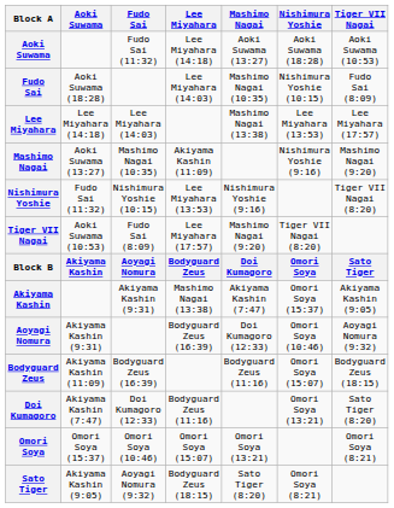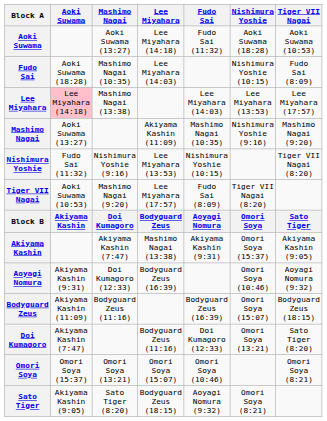 <table class="wikitable" style="text-align:center; margin: 1em auto 1em auto">
 <tr align="center">
 <th>Block A</th>
 <th><a href='#'>Aoki</a><br><a href='#'>Suwama</a></th>
+<th><a href='#'>Mashimo</a><br><a href='#'>Nagai</a></th>
+<th><a href='#'>Lee</a><br><a href='#'>Miyahara</a></th>
 <th><a href='#'>Fudo</a><br><a href='#'>Sai</a></th>
-<th><a href='#'>Lee</a><br><a href='#'>Miyahara</a></th>
-<th><a href='#'>Mashimo</a><br><a href='#'>Nagai</a></th>
 <th><a href='#'>Nishimura</a><br><a href='#'>Yoshie</a></th>
 <th><a href='#'>Tiger VII</a><br><a href='#'>Nagai</a></th>
 </tr>
 <tr align="center">
 <th><a href='#'>Aoki</a><br><a href='#'>Suwama</a></th>
 <td></td>
+<td>Aoki<br>Suwama<br>(13:27)</td>
+<td>Lee<br>Miyahara<br>(14:18)</td>
 <td>Fudo<br>Sai<br>(11:32)</td>
-<td>Lee<br>Miyahara<br>(14:18)</td>
-<td>Aoki<br>Suwama<br>(13:27)</td>
 <td>Aoki<br>Suwama<br>(18:28)</td>
 <td>Aoki<br>Suwama<br>(10:53)</td>
 </tr>
 <tr align="center">
 <th><a href='#'>Fudo</a><br><a href='#'>Sai</a></th>
 <td>Aoki<br>Suwama<br>(18:28)</td>
+<td>Mashimo<br>Nagai<br>(10:35)</td>
+<td>Lee<br>Miyahara<br>(14:03)</td>
 <td></td>
-<td>Lee<br>Miyahara<br>(14:03)</td>
-<td>Mashimo<br>Nagai<br>(10:35)</td>
 <td>Nishimura<br>Yoshie<br>(10:15)</td>
 <td>Fudo<br>Sai<br>(8:09)</td>
 </tr>
 <tr align="center">
 <th><a href='#'>Lee</a><br><a href='#'>Miyahara</a></th>
-<td>Lee<br>Miyahara<br>(14:18)</td>
+<td style="background: pink;">Lee<br>Miyahara<br>(14:18)</td>
+<td>Mashimo<br>Nagai<br>(13:38)</td>
+<td></td>
 <td>Lee<br>Miyahara<br>(14:03)</td>
-<td></td>
-<td>Mashimo<br>Nagai<br>(13:38)</td>
 <td>Lee<br>Miyahara<br>(13:53)</td>
 <td>Lee<br>Miyahara<br>(17:57)</td>
 </tr>
 <tr align="center">
 <th><a href='#'>Mashimo</a><br><a href='#'>Nagai</a></th>
 <td>Aoki<br>Suwama<br>(13:27)</td>
+<td></td>
+<td>Akiyama<br>Kashin<br>(11:09)</td>
 <td>Mashimo<br>Nagai<br>(10:35)</td>
-<td>Akiyama<br>Kashin<br>(11:09)</td>
-<td></td>
 <td>Nishimura<br>Yoshie<br>(9:16)</td>
 <td>Mashimo<br>Nagai<br>(9:20)</td>
 </tr>
 <tr align="center">
 <th><a href='#'>Nishimura</a><br><a href='#'>Yoshie</a></th>
 <td>Fudo<br>Sai<br>(11:32)</td>
+<td>Nishimura<br>Yoshie<br>(9:16)</td>
+<td>Lee<br>Miyahara<br>(13:53)</td>
 <td>Nishimura<br>Yoshie<br>(10:15)</td>
-<td>Lee<br>Miyahara<br>(13:53)</td>
-<td>Nishimura<br>Yoshie<br>(9:16)</td>
 <td></td>
 <td>Tiger VII<br>Nagai<br>(8:20)</td>
 </tr>
 <tr align="center">
 <th><a href='#'>Tiger VII</a><br><a href='#'>Nagai</a></th>
 <td>Aoki<br>Suwama<br>(10:53)</td>
+<td>Mashimo<br>Nagai<br>(9:20)</td>
+<td>Lee<br>Miyahara<br>(17:57)</td>
 <td>Fudo<br>Sai<br>(8:09)</td>
-<td>Lee<br>Miyahara<br>(17:57)</td>
-<td>Mashimo<br>Nagai<br>(9:20)</td>
 <td>Tiger VII<br>Nagai<br>(8:20)</td>
 <td></td>
 </tr>
 <tr align="center">
 <th>Block B</th>
 <th><a href='#'>Akiyama</a><br><a href='#'>Kashin</a></th>
+<th><a href='#'>Doi</a><br><a href='#'>Kumagoro</a></th>
+<th><a href='#'>Bodyguard</a><br><a href='#'>Zeus</a></th>
 <th><a href='#'>Aoyagi</a><br><a href='#'>Nomura</a></th>
-<th><a href='#'>Bodyguard</a><br><a href='#'>Zeus</a></th>
-<th><a href='#'>Doi</a><br><a href='#'>Kumagoro</a></th>
 <th><a href='#'>Omori</a><br><a href='#'>Soya</a></th>
 <th><a href='#'>Sato</a><br><a href='#'>Tiger</a></th>
 </tr>
 <tr align="center">
 <th><a href='#'>Akiyama</a><br><a href='#'>Kashin</a></th>
 <td></td>
+<td>Akiyama<br>Kashin<br>(7:47)</td>
+<td>Mashimo<br>Nagai<br>(13:38)</td>
 <td>Akiyama<br>Kashin<br>(9:31)</td>
-<td>Mashimo<br>Nagai<br>(13:38)</td>
-<td>Akiyama<br>Kashin<br>(7:47)</td>
 <td>Omori<br>Soya<br>(15:37)</td>
 <td>Akiyama<br>Kashin<br>(9:05)</td>
 </tr>
 <tr align="center">
 <th><a href='#'>Aoyagi</a><br><a href='#'>Nomura</a></th>
 <td>Akiyama<br>Kashin<br>(9:31)</td>
+<td>Doi<br>Kumagoro<br>(12:33)</td>
+<td>Bodyguard<br>Zeus<br>(16:39)</td>
 <td></td>
-<td>Bodyguard<br>Zeus<br>(16:39)</td>
-<td>Doi<br>Kumagoro<br>(12:33)</td>
 <td>Omori<br>Soya<br>(10:46)</td>
 <td>Aoyagi<br>Nomura<br>(9:32)</td>
 </tr>
 <tr align="center">
 <th><a href='#'>Bodyguard</a><br><a href='#'>Zeus</a></th>
 <td>Akiyama<br>Kashin<br>(11:09)</td>
+<td>Bodyguard<br>Zeus<br>(11:16)</td>
+<td></td>
 <td>Bodyguard<br>Zeus<br>(16:39)</td>
-<td></td>
-<td>Bodyguard<br>Zeus<br>(11:16)</td>
 <td>Omori<br>Soya<br>(15:07)</td>
 <td>Bodyguard<br>Zeus<br>(18:15)</td>
 </tr>
 <tr align="center">
 <th><a href='#'>Doi</a><br><a href='#'>Kumagoro</a></th>
 <td>Akiyama<br>Kashin<br>(7:47)</td>
+<td></td>
+<td>Bodyguard<br>Zeus<br>(11:16)</td>
 <td>Doi<br>Kumagoro<br>(12:33)</td>
-<td>Bodyguard<br>Zeus<br>(11:16)</td>
-<td></td>
 <td>Omori<br>Soya<br>(13:21)</td>
 <td>Sato<br>Tiger<br>(8:20)</td>
 </tr>
 <tr align="center">
 <th><a href='#'>Omori</a><br><a href='#'>Soya</a></th>
 <td>Omori<br>Soya<br>(15:37)</td>
+<td>Omori<br>Soya<br>(13:21)</td>
+<td>Omori<br>Soya<br>(15:07)</td>
 <td>Omori<br>Soya<br>(10:46)</td>
-<td>Omori<br>Soya<br>(15:07)</td>
-<td>Omori<br>Soya<br>(13:21)</td>
 <td></td>
 <td>Omori<br>Soya<br>(8:21)</td>
 </tr>
 <tr align="center">
 <th><a href='#'>Sato</a><br><a href='#'>Tiger</a></th>
 <td>Akiyama<br>Kashin<br>(9:05)</td>
+<td>Sato<br>Tiger<br>(8:20)</td>
+<td>Bodyguard<br>Zeus<br>(18:15)</td>
 <td>Aoyagi<br>Nomura<br>(9:32)</td>
-<td>Bodyguard<br>Zeus<br>(18:15)</td>
-<td>Sato<br>Tiger<br>(8:20)</td>
 <td>Omori<br>Soya<br>(8:21)</td>
 <td></td>
 </tr>
 </table>
